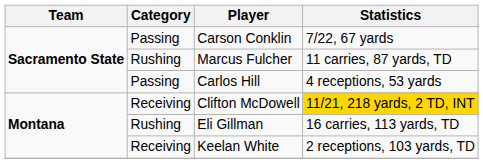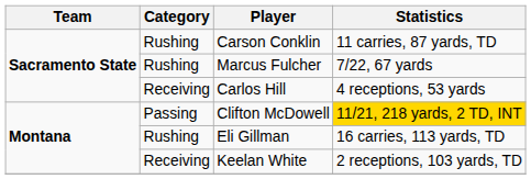 <table class="wikitable" style="float: right;">
 <tr>
 <th>Team</th>
 <th>Category</th>
 <th>Player</th>
 <th>Statistics</th>
 </tr>
 <tr>
 <td rowspan=3><strong>Sacramento State</strong></td>
-<td>Passing</td>
+<td>Rushing</td>
 <td>Carson Conklin</td>
-<td>7/22, 67 yards</td>
+<td>11 carries, 87 yards, TD</td>
 </tr>
 <tr>
 <td>Rushing</td>
 <td>Marcus Fulcher</td>
-<td>11 carries, 87 yards, TD</td>
+<td>7/22, 67 yards</td>
 </tr>
 <tr>
-<td>Passing</td>
+<td>Receiving</td>
 <td>Carlos Hill</td>
 <td>4 receptions, 53 yards</td>
 </tr>
 <tr>
 <td rowspan=3><strong>Montana</strong></td>
-<td>Receiving</td>
+<td>Passing</td>
 <td>Clifton McDowell</td>
 <td style="background: gold;">11/21, 218 yards, 2 TD, INT</td>
 </tr>
 <tr>
 <td>Rushing</td>
 <td>Eli Gillman</td>
 <td>16 carries, 113 yards, TD</td>
 </tr>
 <tr>
 <td>Receiving</td>
 <td>Keelan White</td>
 <td>2 receptions, 103 yards, TD</td>
 </tr>
 <tr>
 </tr>
 </table>
